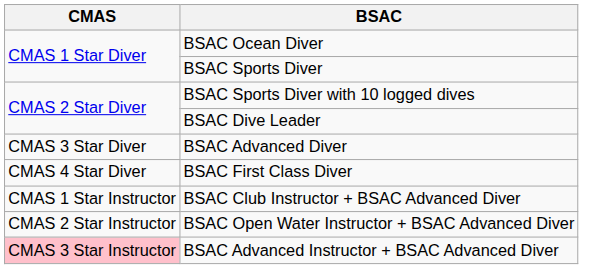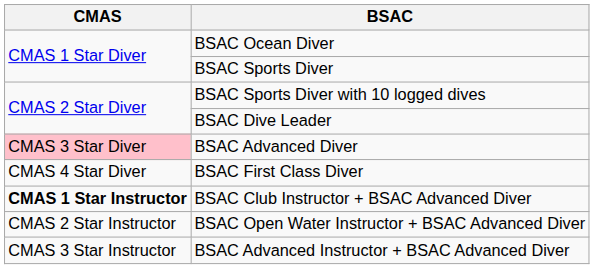 <table class="wikitable">
 <tr>
 <th>CMAS</th>
 <th>BSAC</th>
 </tr>
 <tr>
 <td rowspan=2><a href='#'>CMAS 1 Star Diver</a></td>
 <td>BSAC Ocean Diver</td>
 </tr>
 <tr>
 <td>BSAC Sports Diver</td>
 </tr>
 <tr>
 <td rowspan=2><a href='#'>CMAS 2 Star Diver</a></td>
 <td>BSAC Sports Diver with 10 logged dives</td>
 </tr>
 <tr>
 <td>BSAC Dive Leader</td>
 </tr>
 <tr>
-<td>CMAS 3 Star Diver</td>
+<td style="background: pink;">CMAS 3 Star Diver</td>
 <td>BSAC Advanced Diver</td>
 </tr>
 <tr>
 <td>CMAS 4 Star Diver</td>
 <td>BSAC First Class Diver</td>
 </tr>
 <tr>
-<td>CMAS 1 Star Instructor</td>
+<td><strong>CMAS 1 Star Instructor</strong></td>
 <td>BSAC Club Instructor + BSAC Advanced Diver</td>
 </tr>
 <tr>
 <td>CMAS 2 Star Instructor</td>
 <td>BSAC Open Water Instructor + BSAC Advanced Diver</td>
 </tr>
 <tr>
-<td style="background: pink;">CMAS 3 Star Instructor</td>
+<td>CMAS 3 Star Instructor</td>
 <td>BSAC Advanced Instructor + BSAC Advanced Diver</td>
 </tr>
 </table>
